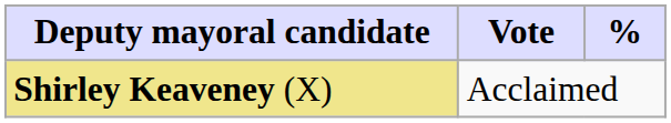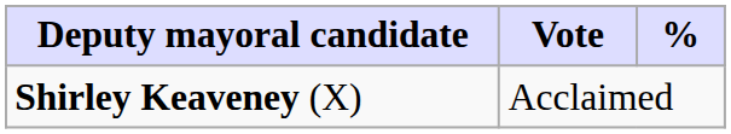 <table class="wikitable">
 <tr>
 <th style="background:#ddf; width:200px;">Deputy mayoral candidate</th>
 <th style="background:#ddf; width:50px;">Vote</th>
 <th style="background:#ddf; width:30px;">%</th>
 </tr>
 <tr>
-<td style="background: khaki;"><strong>Shirley Keaveney</strong> (X)</td>
+<td><strong>Shirley Keaveney</strong> (X)</td>
 <td colspan="2">Acclaimed</td>
 </tr>
 </table>
